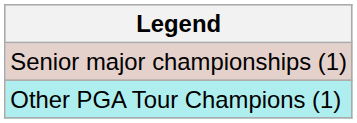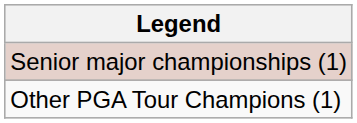 <table class="wikitable" style="font-size:95%;">
 <tr>
 <th>Legend</th>
 </tr>
 <tr style="background:#e5d1cb;">
 <td>Senior major championships (1)</td>
 </tr>
 <tr>
-<td style="background: paleturquoise;">Other PGA Tour Champions (1)</td>
+<td>Other PGA Tour Champions (1)</td>
 </tr>
 </table>
